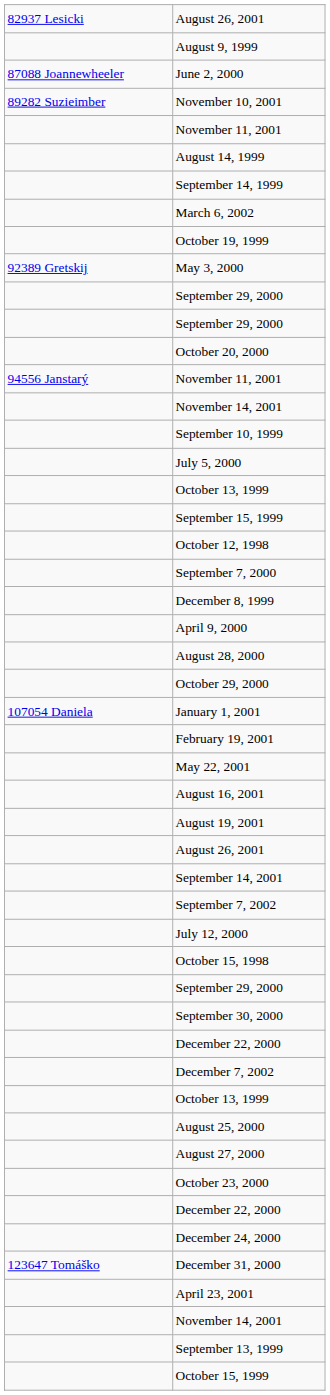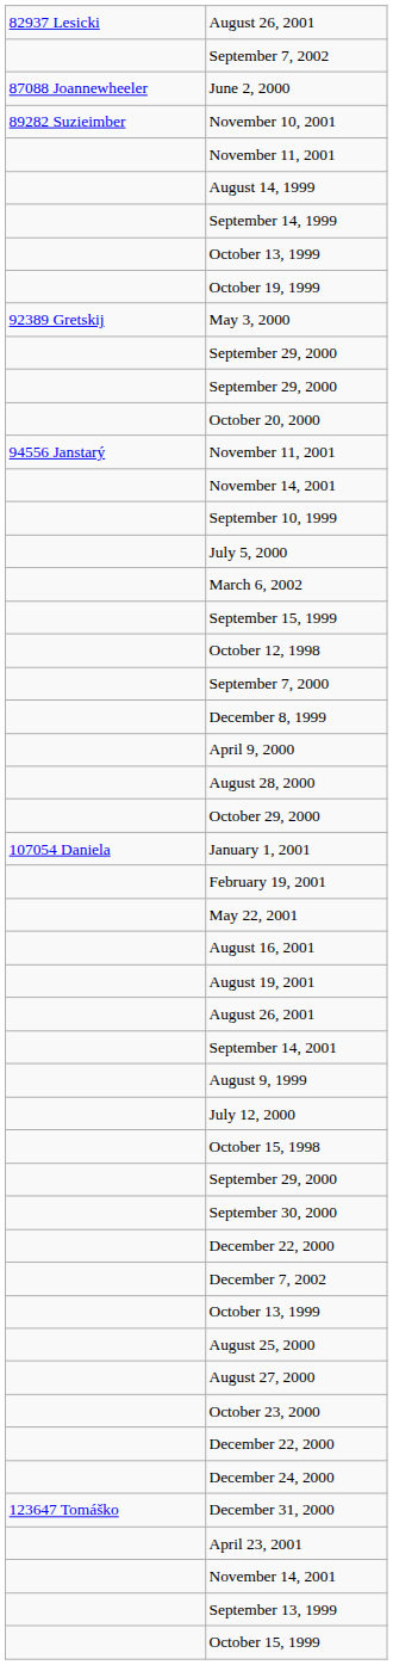 <table class="wikitable" style="font-size: 89%; float: left; width: 24em; margin-right: 1em; line-height: 1.6em !important; height: 1250px;">
 <tr>
 <td><a href='#'>82937 Lesicki</a> </td>
 <td>August 26, 2001</td>
 </tr>
 <tr>
 <td> </td>
-<td>August 9, 1999</td>
+<td>September 7, 2002</td>
 </tr>
 <tr>
 <td><a href='#'>87088 Joannewheeler</a> </td>
 <td>June 2, 2000</td>
 </tr>
 <tr>
 <td><a href='#'>89282 Suzieimber</a> </td>
 <td>November 10, 2001</td>
 </tr>
 <tr>
 <td> </td>
 <td>November 11, 2001</td>
 </tr>
 <tr>
 <td> </td>
 <td>August 14, 1999</td>
 </tr>
 <tr>
 <td> </td>
 <td>September 14, 1999</td>
 </tr>
 <tr>
 <td> </td>
-<td>March 6, 2002</td>
+<td>October 13, 1999</td>
 </tr>
 <tr>
 <td> </td>
 <td>October 19, 1999</td>
 </tr>
 <tr>
 <td><a href='#'>92389 Gretskij</a> </td>
 <td>May 3, 2000</td>
 </tr>
 <tr>
 <td> </td>
 <td>September 29, 2000</td>
 </tr>
 <tr>
 <td> </td>
 <td>September 29, 2000</td>
 </tr>
 <tr>
 <td></td>
 <td>October 20, 2000</td>
 </tr>
 <tr>
 <td><a href='#'>94556 Janstarý</a> </td>
 <td>November 11, 2001</td>
 </tr>
 <tr>
 <td> </td>
 <td>November 14, 2001</td>
 </tr>
 <tr>
 <td> </td>
 <td>September 10, 1999</td>
 </tr>
 <tr>
 <td> </td>
 <td>July 5, 2000</td>
 </tr>
 <tr>
 <td></td>
-<td>October 13, 1999</td>
+<td>March 6, 2002</td>
 </tr>
 <tr>
 <td> </td>
 <td>September 15, 1999</td>
 </tr>
 <tr>
 <td> </td>
 <td>October 12, 1998</td>
 </tr>
 <tr>
 <td> </td>
 <td>September 7, 2000</td>
 </tr>
 <tr>
 <td> </td>
 <td>December 8, 1999</td>
 </tr>
 <tr>
 <td> </td>
 <td>April 9, 2000</td>
 </tr>
 <tr>
 <td></td>
 <td>August 28, 2000</td>
 </tr>
 <tr>
 <td></td>
 <td>October 29, 2000</td>
 </tr>
 <tr>
 <td><a href='#'>107054 Daniela</a></td>
 <td>January 1, 2001</td>
 </tr>
 <tr>
 <td> </td>
 <td>February 19, 2001</td>
 </tr>
 <tr>
 <td> </td>
 <td>May 22, 2001</td>
 </tr>
 <tr>
 <td> </td>
 <td>August 16, 2001</td>
 </tr>
 <tr>
 <td></td>
 <td>August 19, 2001</td>
 </tr>
 <tr>
 <td> </td>
 <td>August 26, 2001</td>
 </tr>
 <tr>
 <td></td>
 <td>September 14, 2001</td>
 </tr>
 <tr>
 <td> </td>
-<td>September 7, 2002</td>
+<td>August 9, 1999</td>
 </tr>
 <tr>
 <td></td>
 <td>July 12, 2000</td>
 </tr>
 <tr>
 <td></td>
 <td>October 15, 1998</td>
 </tr>
 <tr>
 <td> </td>
 <td>September 29, 2000</td>
 </tr>
 <tr>
 <td> </td>
 <td>September 30, 2000</td>
 </tr>
 <tr>
 <td> </td>
 <td>December 22, 2000</td>
 </tr>
 <tr>
 <td> </td>
 <td>December 7, 2002</td>
 </tr>
 <tr>
 <td> </td>
 <td>October 13, 1999</td>
 </tr>
 <tr>
 <td> </td>
 <td>August 25, 2000</td>
 </tr>
 <tr>
 <td> </td>
 <td>August 27, 2000</td>
 </tr>
 <tr>
 <td></td>
 <td>October 23, 2000</td>
 </tr>
 <tr>
 <td> </td>
 <td>December 22, 2000</td>
 </tr>
 <tr>
 <td> </td>
 <td>December 24, 2000</td>
 </tr>
 <tr>
 <td><a href='#'>123647 Tomáško</a> </td>
 <td>December 31, 2000</td>
 </tr>
 <tr>
 <td> </td>
 <td>April 23, 2001</td>
 </tr>
 <tr>
 <td> </td>
 <td>November 14, 2001</td>
 </tr>
 <tr>
 <td> </td>
 <td>September 13, 1999</td>
 </tr>
 <tr>
 <td> </td>
 <td>October 15, 1999</td>
 </tr>
 </table>
